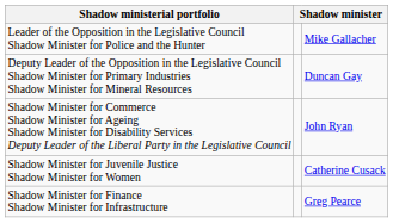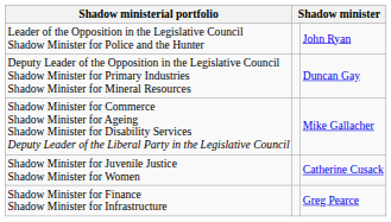 <table class="wikitable">
 <tr>
 <th>Shadow ministerial portfolio</th>
 <th colspan="2">Shadow minister</th>
 </tr>
 <tr>
 <td>Leader of the Opposition in the Legislative Council<br>Shadow Minister for Police and the Hunter</td>
 <td> </td>
-<td><a href='#'>Mike Gallacher</a></td>
+<td><a href='#'>John Ryan</a></td>
 </tr>
 <tr>
 <td>Deputy Leader of the Opposition in the Legislative Council<br>Shadow Minister for Primary Industries<br>Shadow Minister for Mineral Resources</td>
 <td> </td>
 <td><a href='#'>Duncan Gay</a></td>
 </tr>
 <tr>
 <td>Shadow Minister for Commerce<br>Shadow Minister for Ageing<br>Shadow Minister for Disability Services<br><em>Deputy Leader of the Liberal Party in the Legislative Council</em></td>
 <td> </td>
-<td><a href='#'>John Ryan</a></td>
+<td><a href='#'>Mike Gallacher</a></td>
 </tr>
 <tr>
 <td>Shadow Minister for Juvenile Justice<br>Shadow Minister for Women</td>
 <td> </td>
 <td><a href='#'>Catherine Cusack</a></td>
 </tr>
 <tr>
 <td>Shadow Minister for Finance<br>Shadow Minister for Infrastructure</td>
 <td> </td>
 <td><a href='#'>Greg Pearce</a></td>
 </tr>
 </table>
